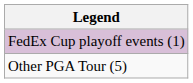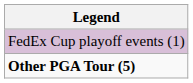 <table class="wikitable" style="font-size:95%;">
 <tr>
 <th>Legend</th>
 </tr>
 <tr style="background:thistle;">
 <td>FedEx Cup playoff events (1)</td>
 </tr>
 <tr>
-<td>Other PGA Tour (5)</td>
+<td><strong>Other PGA Tour (5)</strong></td>
 </tr>
 </table>
